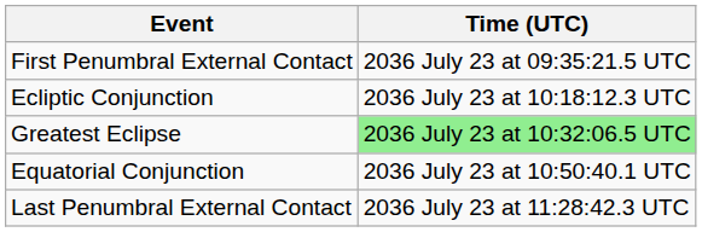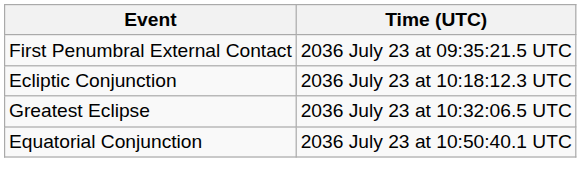 <table class="wikitable">
 <tr>
 <th>Event</th>
 <th>Time (UTC)</th>
 </tr>
 <tr>
 <td>First Penumbral External Contact</td>
 <td>2036 July 23 at 09:35:21.5 UTC</td>
 </tr>
 <tr>
 <td>Ecliptic Conjunction</td>
 <td>2036 July 23 at 10:18:12.3 UTC</td>
 </tr>
 <tr>
 <td>Greatest Eclipse</td>
-<td style="background: lightgreen;">2036 July 23 at 10:32:06.5 UTC</td>
+<td>2036 July 23 at 10:32:06.5 UTC</td>
 </tr>
 <tr>
 <td>Equatorial Conjunction</td>
 <td>2036 July 23 at 10:50:40.1 UTC</td>
 </tr>
-<tr>
-<td>Last Penumbral External Contact</td>
-<td>2036 July 23 at 11:28:42.3 UTC</td>
-</tr>
 </table>
